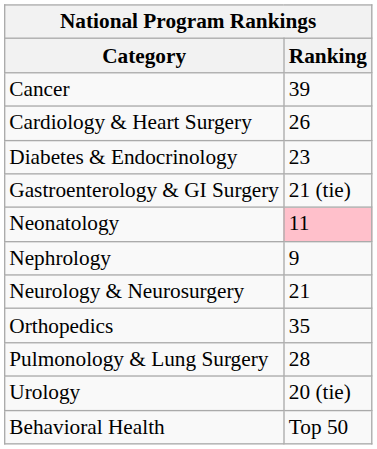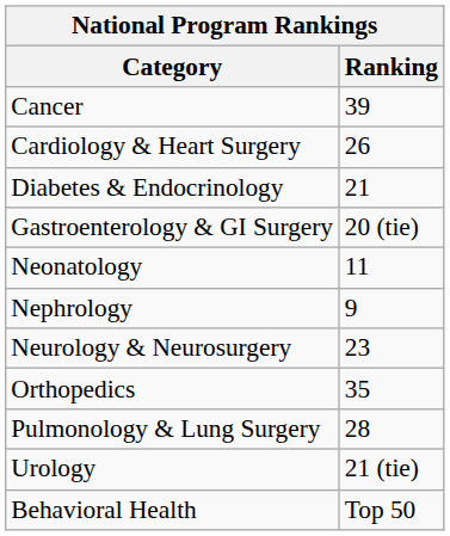 <table class="wikitable sortable collapsible collapsed" style="float:right" "text-align:center">
 <tr>
 <th colspan=4>National Program Rankings</th>
 </tr>
 <tr>
 <th>Category</th>
 <th>Ranking</th>
 </tr>
 <tr>
 <td>Cancer</td>
 <td>39</td>
 </tr>
 <tr>
 <td>Cardiology & Heart Surgery</td>
 <td>26</td>
 </tr>
 <tr>
 <td>Diabetes & Endocrinology</td>
-<td>23</td>
+<td>21</td>
 </tr>
 <tr>
 <td>Gastroenterology & GI Surgery</td>
-<td>21 (tie)</td>
+<td>20 (tie)</td>
 </tr>
 <tr>
 <td>Neonatology</td>
-<td style="background: pink;">11</td>
+<td>11</td>
 </tr>
 <tr>
 <td>Nephrology</td>
 <td>9</td>
 </tr>
 <tr>
 <td>Neurology & Neurosurgery</td>
-<td>21</td>
+<td>23</td>
 </tr>
 <tr>
 <td>Orthopedics</td>
 <td>35</td>
 </tr>
 <tr>
 <td>Pulmonology & Lung Surgery</td>
 <td>28</td>
 </tr>
 <tr>
 <td>Urology</td>
-<td>20 (tie)</td>
+<td>21 (tie)</td>
 </tr>
 <tr>
 <td>Behavioral Health</td>
 <td>Top 50</td>
 </tr>
 </table>
